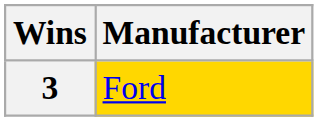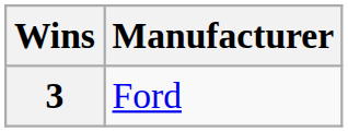 <table class="wikitable" style="font-size: 95%;">
 <tr>
 <th>Wins</th>
 <th>Manufacturer</th>
 </tr>
 <tr>
 <th>3</th>
-<td style="background: gold;"><a href='#'>Ford</a></td>
+<td><a href='#'>Ford</a></td>
 </tr>
 </table>
